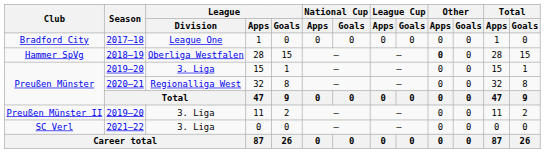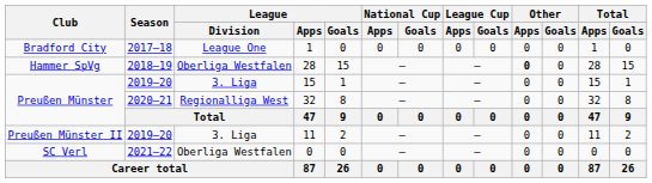 <table class=wikitable style="text-align: center">
 <tr>
 <th rowspan="2">Club</th>
 <th rowspan="2">Season</th>
 <th colspan="3">League</th>
 <th colspan="2">National Cup</th>
 <th colspan="2">League Cup</th>
 <th colspan="2">Other</th>
 <th colspan="2">Total</th>
 </tr>
 <tr>
 <th>Division</th>
 <th>Apps</th>
 <th>Goals</th>
 <th>Apps</th>
 <th>Goals</th>
 <th>Apps</th>
 <th>Goals</th>
 <th>Apps</th>
 <th>Goals</th>
 <th>Apps</th>
 <th>Goals</th>
 </tr>
 <tr>
 <td><a href='#'>Bradford City</a></td>
 <td><a href='#'>2017–18</a></td>
 <td><a href='#'>League One</a></td>
 <td>1</td>
 <td>0</td>
 <td>0</td>
 <td>0</td>
 <td>0</td>
 <td>0</td>
 <td>0</td>
 <td>0</td>
 <td>1</td>
 <td>0</td>
 </tr>
 <tr>
 <td><a href='#'>Hammer SpVg</a></td>
 <td><a href='#'>2018–19</a></td>
 <td><a href='#'>Oberliga Westfalen</a></td>
 <td>28</td>
 <td>15</td>
 <td colspan="2">—</td>
 <td colspan="2">—</td>
 <td><strong>0</strong></td>
 <td>0</td>
 <td>28</td>
 <td>15</td>
 </tr>
 <tr>
 <td rowspan="3"><a href='#'>Preußen Münster</a></td>
 <td><a href='#'>2019–20</a></td>
 <td><a href='#'>3. Liga</a></td>
 <td>15</td>
 <td>1</td>
 <td colspan="2">—</td>
 <td colspan="2">—</td>
 <td>0</td>
 <td>0</td>
 <td>15</td>
 <td>1</td>
 </tr>
 <tr>
 <td><a href='#'>2020–21</a></td>
 <td><a href='#'>Regionalliga West</a></td>
 <td>32</td>
 <td>8</td>
 <td colspan="2">—</td>
 <td colspan="2">—</td>
 <td>0</td>
 <td>0</td>
 <td>32</td>
 <td>8</td>
 </tr>
 <tr>
 <th colspan="2">Total</th>
 <th>47</th>
 <th>9</th>
 <th>0</th>
 <th>0</th>
 <th>0</th>
 <th>0</th>
 <th>0</th>
 <th>0</th>
 <th>47</th>
 <th>9</th>
 </tr>
 <tr>
 <td><a href='#'>Preußen Münster II</a></td>
 <td><a href='#'>2019–20</a></td>
 <td>3. Liga</td>
 <td>11</td>
 <td>2</td>
 <td colspan="2">—</td>
 <td colspan="2">—</td>
 <td>0</td>
 <td>0</td>
 <td>11</td>
 <td>2</td>
 </tr>
 <tr>
 <td><a href='#'>SC Verl</a></td>
 <td><a href='#'>2021–22</a></td>
-<td>3. Liga</td>
+<td>Oberliga Westfalen</td>
 <td>0</td>
 <td>0</td>
 <td colspan="2">—</td>
 <td colspan="2">—</td>
 <td>0</td>
 <td>0</td>
 <td>0</td>
 <td>0</td>
 </tr>
 <tr>
 <th colspan="3">Career total</th>
 <th>87</th>
 <th>26</th>
 <th>0</th>
 <th>0</th>
 <th>0</th>
 <th>0</th>
 <th>0</th>
 <th>0</th>
 <th>87</th>
 <th>26</th>
 </tr>
 </table>
